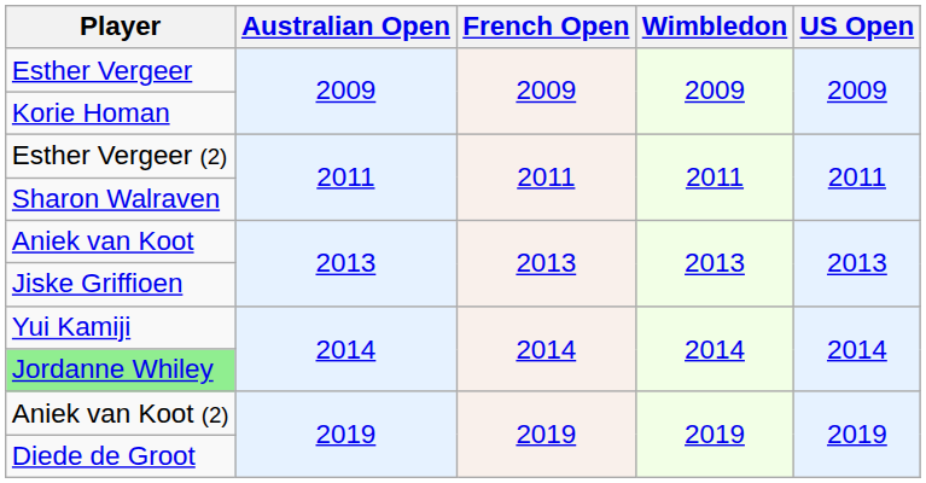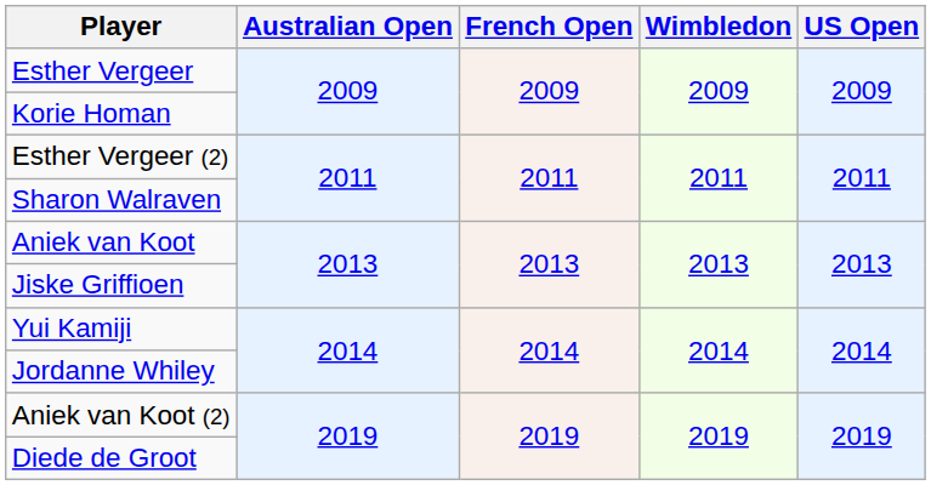 <table class="wikitable sortable" style="text-align:center">
 <tr>
 <th>Player</th>
 <th><a href='#'>Australian Open</a></th>
 <th><a href='#'>French Open</a></th>
 <th><a href='#'>Wimbledon</a></th>
 <th><a href='#'>US Open</a></th>
 </tr>
 <tr>
 <td style="text-align:left;"> <a href='#'>Esther Vergeer</a></td>
 <td rowspan="2" style="background: #e6f2ff;"><a href='#'>2009</a></td>
 <td rowspan="2" style="background: #f9f0eb;"><a href='#'>2009</a></td>
 <td rowspan="2" style="background: #f2ffe6;"><a href='#'>2009</a></td>
 <td rowspan="2" style="background: #e6f2ff;"><a href='#'>2009</a></td>
 </tr>
 <tr>
 <td style="text-align:left;"> <a href='#'>Korie Homan</a></td>
 </tr>
 <tr>
 <td style="text-align:left;"> Esther Vergeer <small>(2)</small></td>
 <td rowspan="2" style="background: #e6f2ff;"><a href='#'>2011</a></td>
 <td rowspan="2" style="background: #f9f0eb;"><a href='#'>2011</a></td>
 <td rowspan="2" style="background: #f2ffe6;"><a href='#'>2011</a></td>
 <td rowspan="2" style="background: #e6f2ff;"><a href='#'>2011</a></td>
 </tr>
 <tr>
 <td style="text-align:left;"> <a href='#'>Sharon Walraven</a></td>
 </tr>
 <tr>
 <td style="text-align:left;"> <a href='#'>Aniek van Koot</a></td>
 <td rowspan="2" style="background: #e6f2ff;"><a href='#'>2013</a></td>
 <td rowspan="2" style="background: #f9f0eb;"><a href='#'>2013</a></td>
 <td rowspan="2" style="background: #f2ffe6;"><a href='#'>2013</a></td>
 <td rowspan="2" style="background: #e6f2ff;"><a href='#'>2013</a></td>
 </tr>
 <tr>
 <td style="text-align:left;"> <a href='#'>Jiske Griffioen</a></td>
 </tr>
 <tr>
 <td style="text-align:left;"> <a href='#'>Yui Kamiji</a></td>
 <td rowspan="2" style="background: #e6f2ff;"><a href='#'>2014</a></td>
 <td rowspan="2" style="background: #f9f0eb;"><a href='#'>2014</a></td>
 <td rowspan="2" style="background: #f2ffe6;"><a href='#'>2014</a></td>
 <td rowspan="2" style="background: #e6f2ff;"><a href='#'>2014</a></td>
 </tr>
 <tr>
-<td style="background: lightgreen; text-align:left;"> <a href='#'>Jordanne Whiley</a></td>
+<td style="text-align:left;"> <a href='#'>Jordanne Whiley</a></td>
 </tr>
 <tr>
 <td style="text-align:left;"> Aniek van Koot <small>(2)</small></td>
 <td rowspan="2" style="background: #e6f2ff;"><a href='#'>2019</a></td>
 <td rowspan="2" style="background: #f9f0eb;"><a href='#'>2019</a></td>
 <td rowspan="2" style="background: #f2ffe6;"><a href='#'>2019</a></td>
 <td rowspan="2" style="background: #e6f2ff;"><a href='#'>2019</a></td>
 </tr>
 <tr>
 <td style="text-align:left;"> <a href='#'>Diede de Groot</a></td>
 </tr>
 </table>
